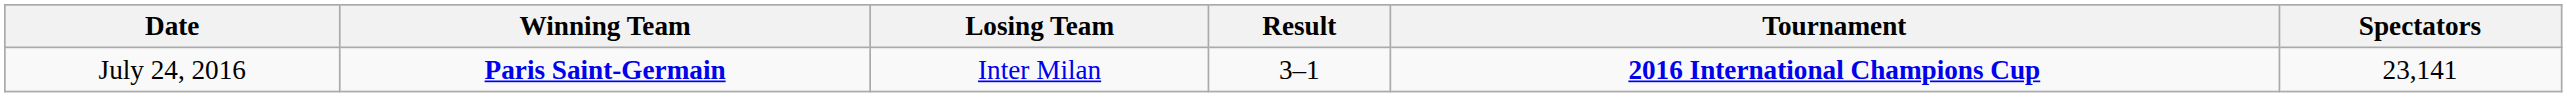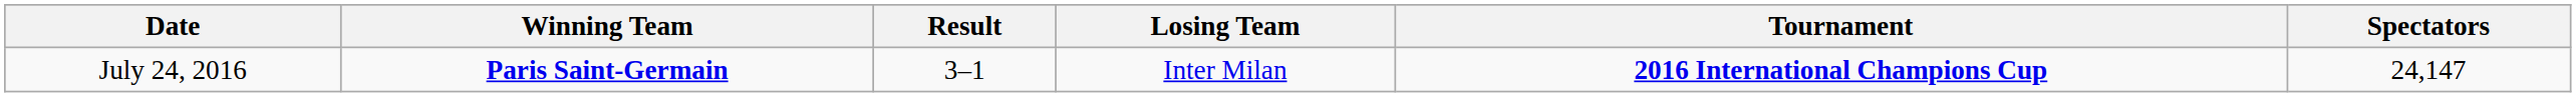 <table class="wikitable"  style="text-align:left; width:95%; text-align:center;">
 <tr>
 <th>Date</th>
 <th>Winning Team</th>
+<th>Result</th>
 <th>Losing Team</th>
-<th>Result</th>
 <th>Tournament</th>
 <th>Spectators</th>
 </tr>
 <tr>
 <td>July 24, 2016</td>
 <td> <strong><a href='#'>Paris Saint-Germain</a></strong></td>
+<td>3–1</td>
 <td> <a href='#'>Inter Milan</a></td>
-<td>3–1</td>
 <td><strong><a href='#'>2016 International Champions Cup</a></strong></td>
-<td>23,141</td>
+<td>24,147</td>
 </tr>
 </table>
